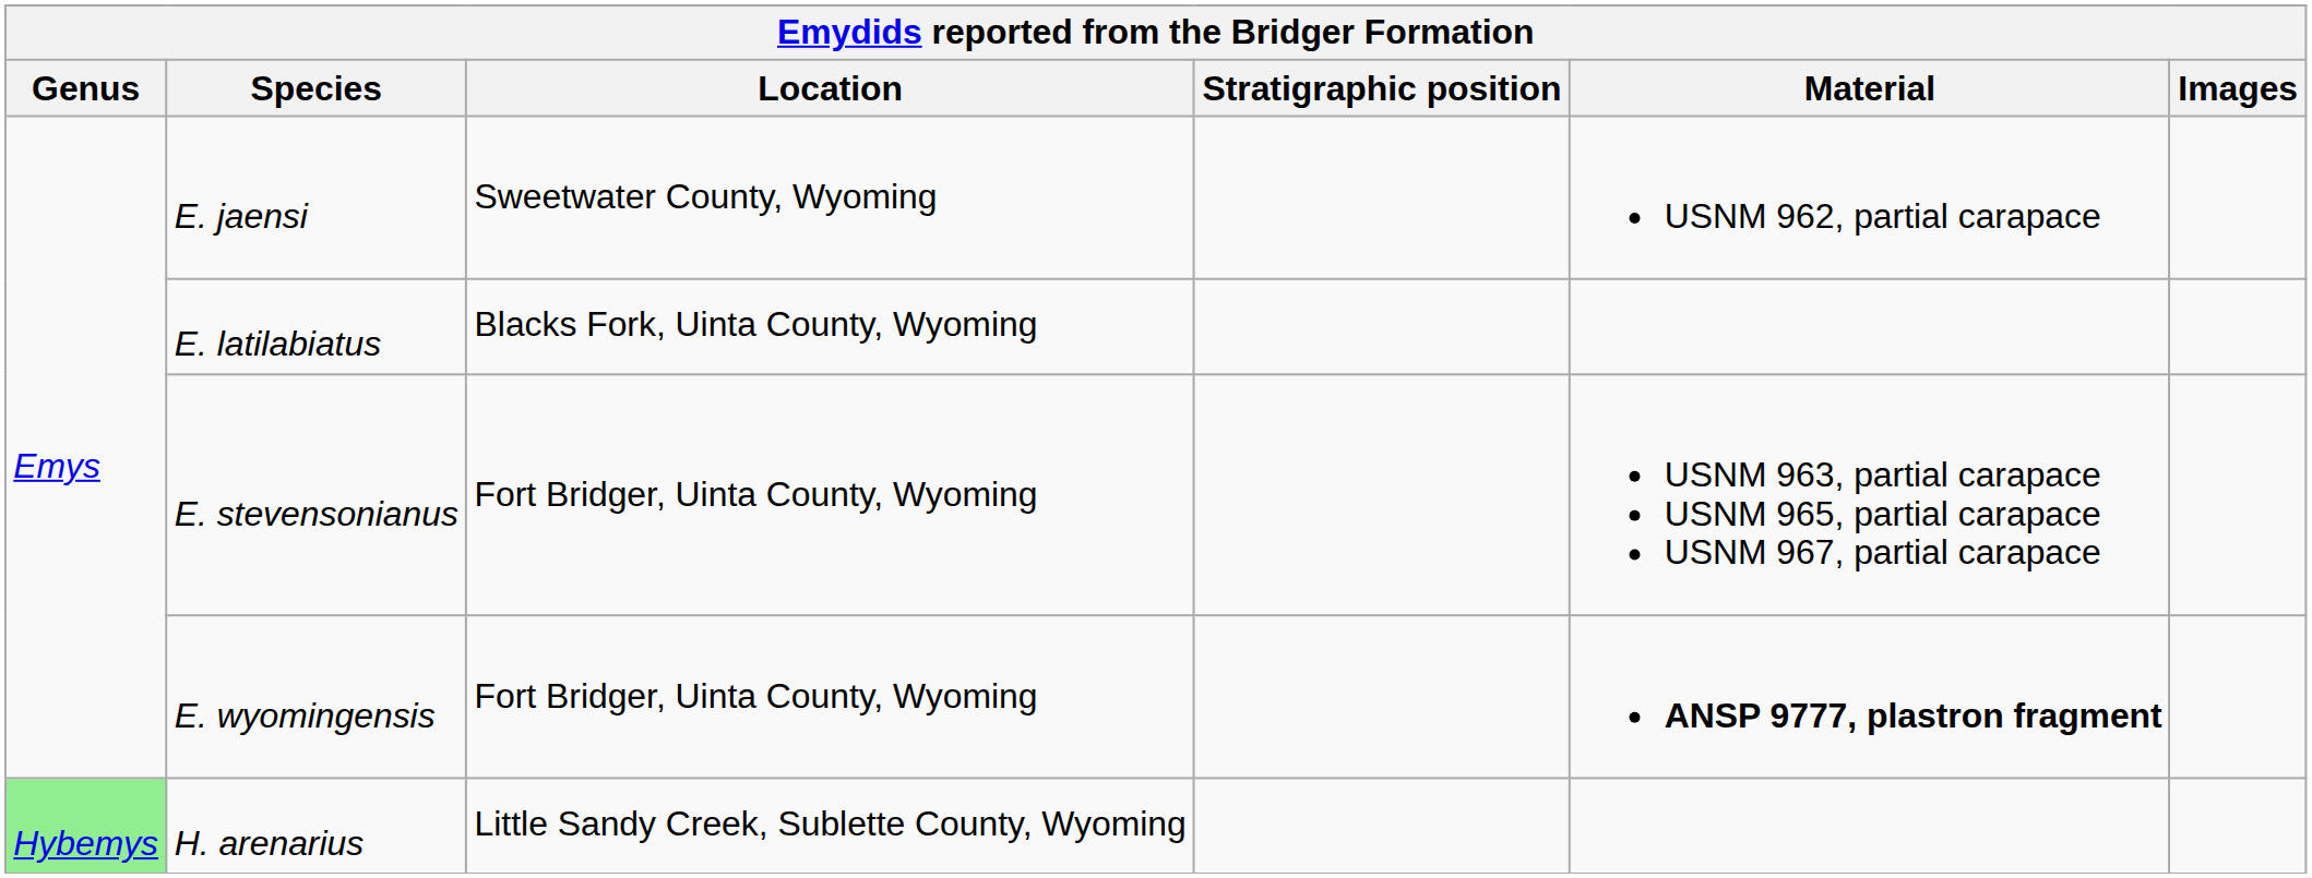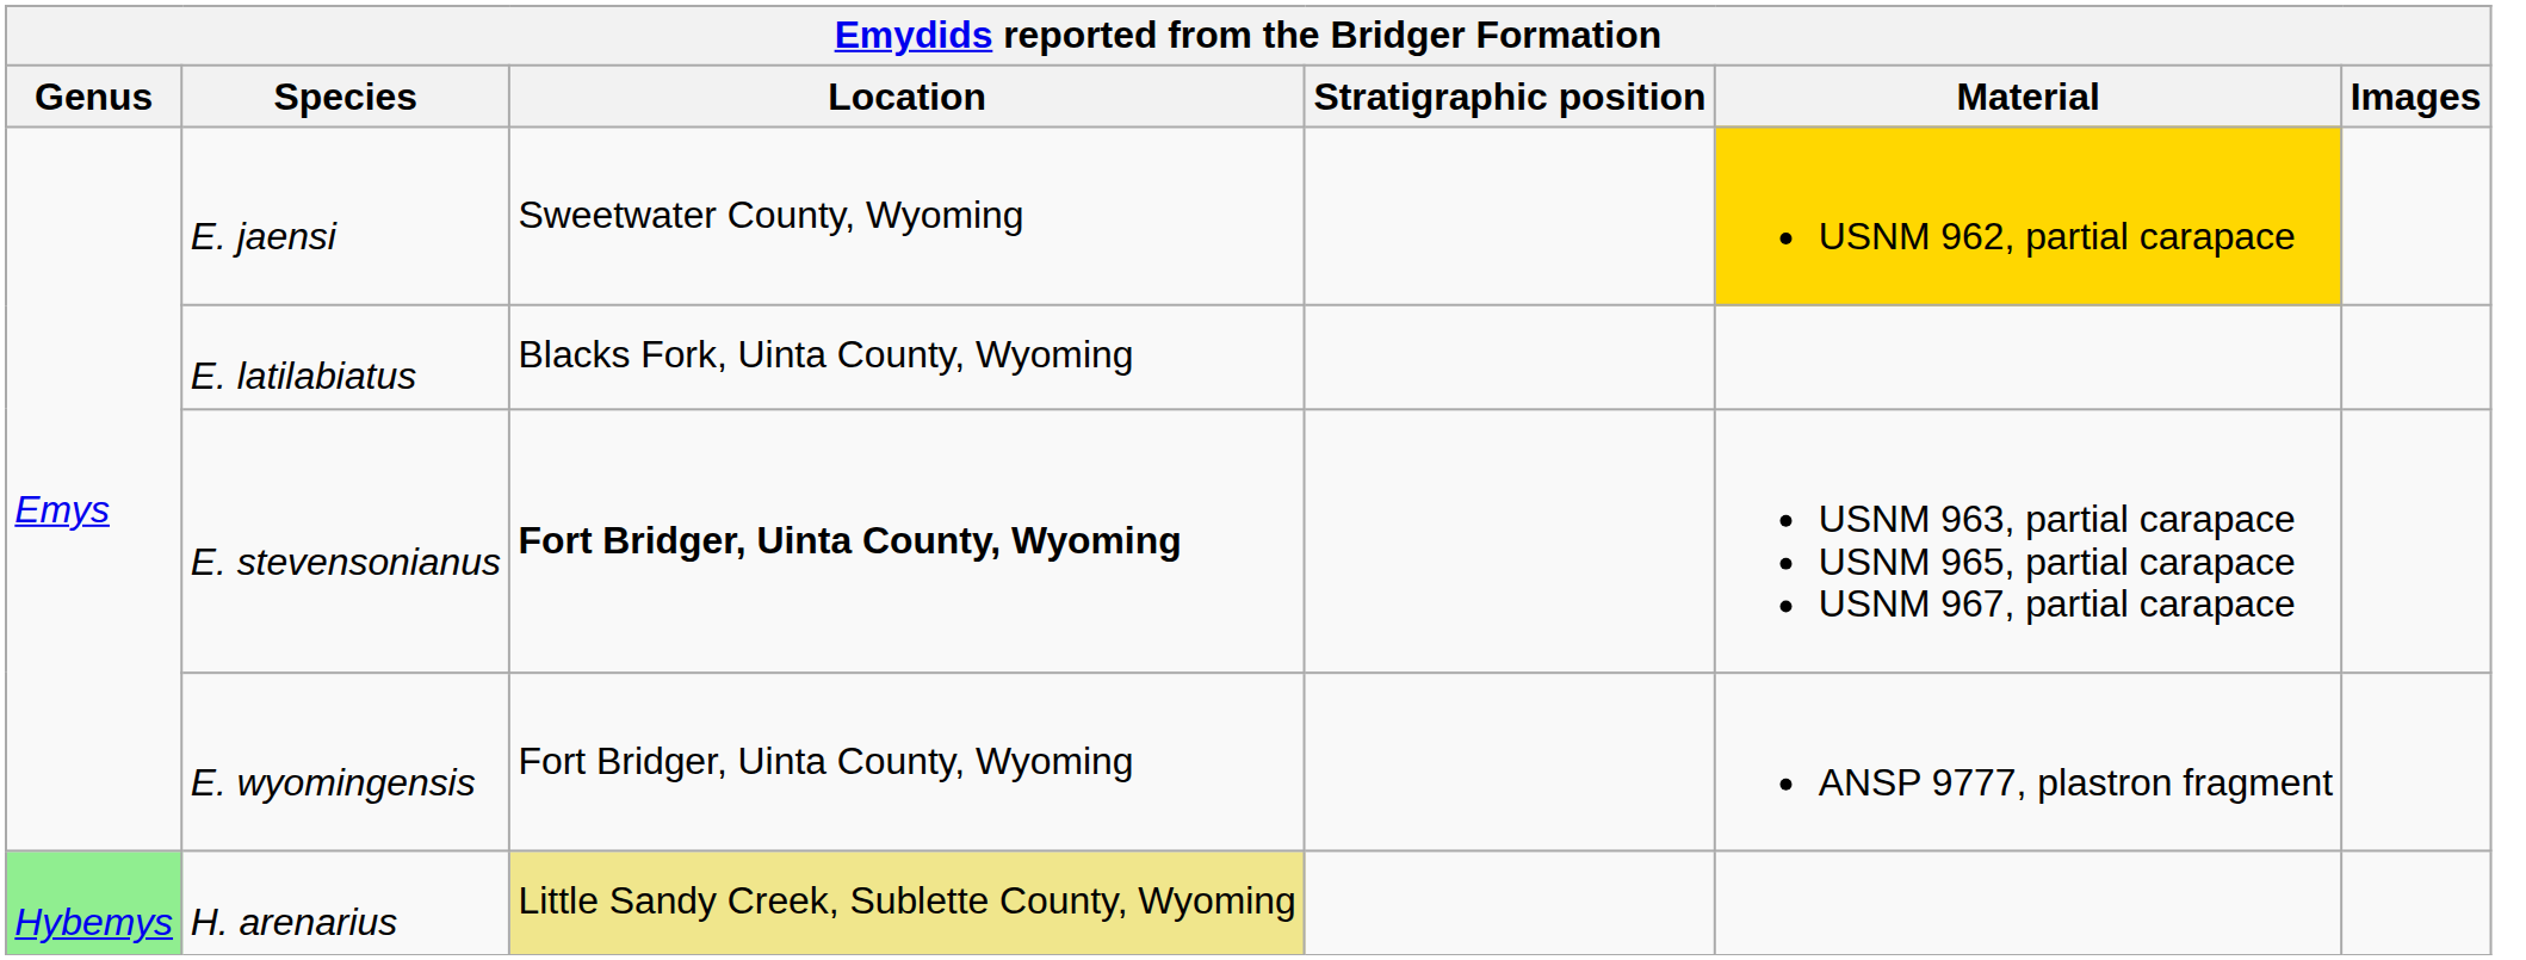 <table class="wikitable sortable mw-collapsible">
 <tr>
 <th colspan="7" style="text-align:center;"><strong><a href='#'>Emydids</a> reported from the Bridger Formation</strong></th>
 </tr>
 <tr>
 <th>Genus</th>
 <th>Species</th>
 <th>Location</th>
 <th>Stratigraphic position</th>
 <th>Material</th>
 <th>Images</th>
 </tr>
 <tr>
 <td rowspan=4><br><em><a href='#'>Emys</a></em></td>
 <td><br><em>E. jaensi</em></td>
 <td>Sweetwater County, Wyoming</td>
 <td></td>
-<td><br><ul><li>USNM 962, partial carapace</li></ul></td>
+<td style="background: gold;"><br><ul><li>USNM 962, partial carapace</li></ul></td>
 <td></td>
 </tr>
 <tr>
 <td><br><em>E. latilabiatus</em></td>
 <td>Blacks Fork, Uinta County, Wyoming</td>
 <td></td>
 <td></td>
 <td></td>
 </tr>
 <tr>
 <td><br><em>E. stevensonianus</em></td>
-<td>Fort Bridger, Uinta County, Wyoming</td>
+<td><strong>Fort Bridger, Uinta County, Wyoming</strong></td>
 <td></td>
 <td><br><ul><li>USNM 963, partial carapace</li><li>USNM 965, partial carapace</li><li>USNM 967, partial carapace</li></ul></td>
 <td></td>
 </tr>
 <tr>
 <td><br><em>E. wyomingensis</em></td>
 <td>Fort Bridger, Uinta County, Wyoming</td>
 <td></td>
-<td><strong><br><ul><li>ANSP 9777, plastron fragment</li></ul></strong></td>
+<td><br><ul><li>ANSP 9777, plastron fragment</li></ul></td>
 <td></td>
 </tr>
 <tr>
 <td rowspan=1 style="background: lightgreen;"><br><em><a href='#'>Hybemys</a></em></td>
 <td><br><em>H. arenarius</em></td>
-<td>Little Sandy Creek, Sublette County, Wyoming</td>
+<td style="background: khaki;">Little Sandy Creek, Sublette County, Wyoming</td>
 <td></td>
 <td></td>
 <td></td>
 </tr>
 </table>
